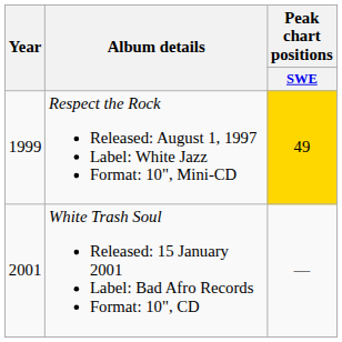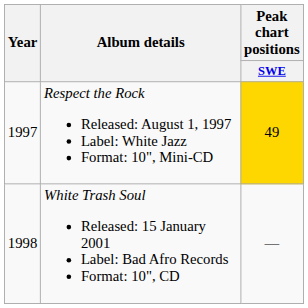 <table class="wikitable border="1">
 <tr>
 <th rowspan="2">Year</th>
 <th rowspan="2" width="210">Album details</th>
 <th colspan="1">Peak chart positions</th>
 </tr>
 <tr>
 <th style="width:3em;font-size:85%"><a href='#'>SWE</a><br> </th>
 </tr>
 <tr>
-<td>1999</td>
+<td>1997</td>
 <td><em>Respect the Rock</em><br><ul><li>Released: August 1, 1997</li><li>Label: White Jazz</li><li>Format: 10", Mini-CD</li></ul></td>
 <td align="center" style="background: gold;">49</td>
 </tr>
 <tr>
-<td>2001</td>
+<td>1998</td>
 <td><em>White Trash Soul</em><br><ul><li>Released: 15 January 2001</li><li>Label: Bad Afro Records</li><li>Format: 10", CD</li></ul></td>
 <td align="center">—</td>
 </tr>
 </table>
